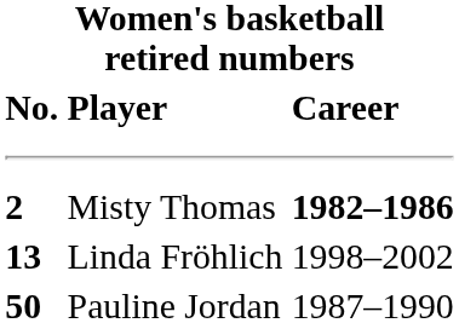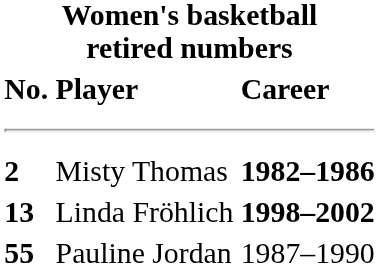 <table class="toccolours" style="float: right; margin-left: 1em;">
 <tr>
 <th colspan="3" style="text-align: center; "><strong>Women's basketball<br>retired numbers</strong></th>
 </tr>
 <tr>
 <td><strong>No.</strong></td>
 <td><strong>Player</strong></td>
 <td><strong>Career</strong></td>
 </tr>
 <tr>
 <td colspan="3"><hr></td>
 </tr>
 <tr>
 <td><strong>2</strong></td>
 <td>Misty Thomas</td>
 <td><strong>1982–1986</strong></td>
 </tr>
 <tr>
 <td><strong>13</strong></td>
 <td>Linda Fröhlich</td>
-<td>1998–2002</td>
+<td><strong>1998–2002</strong></td>
 </tr>
 <tr>
-<td><strong>50</strong></td>
+<td><strong>55</strong></td>
 <td>Pauline Jordan</td>
 <td>1987–1990</td>
 </tr>
 </table>
